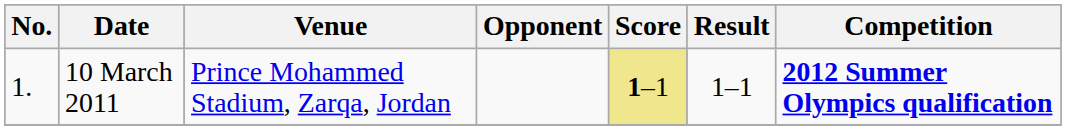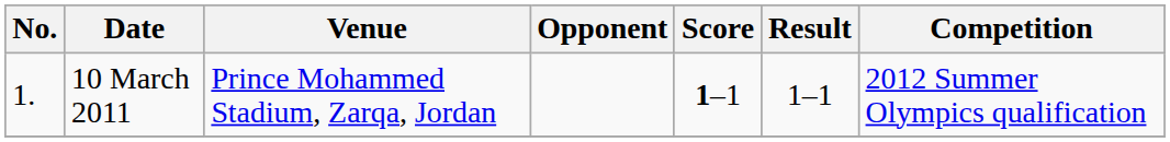 <table class="wikitable">
 <tr>
 <th>No.</th>
 <th>Date</th>
 <th>Venue</th>
 <th>Opponent</th>
 <th>Score</th>
 <th>Result</th>
 <th>Competition</th>
 </tr>
 <tr>
 <td>1.</td>
 <td>10 March 2011</td>
 <td><a href='#'>Prince Mohammed Stadium</a>, <a href='#'>Zarqa</a>, <a href='#'>Jordan</a></td>
 <td></td>
-<td align=center style="background: khaki;"><strong>1</strong>–1</td>
+<td align=center><strong>1</strong>–1</td>
 <td align=center>1–1</td>
-<td><strong><a href='#'>2012 Summer Olympics qualification</a></strong></td>
+<td><a href='#'>2012 Summer Olympics qualification</a></td>
 </tr>
 <tr>
 </tr>
 </table>
